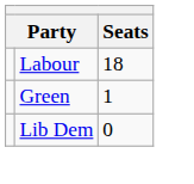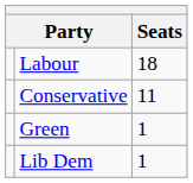 <table class="wikitable">
 <tr>
 <th colspan="3"></th>
 </tr>
 <tr>
 <th colspan="2">Party</th>
 <th>Seats</th>
 </tr>
 <tr>
 <td style="color:inherit;background:"></td>
 <td><a href='#'>Labour</a></td>
 <td>18</td>
 </tr>
 <tr>
 <td style="color:inherit;background:"></td>
+<td><a href='#'>Conservative</a></td>
+<td>11</td>
+</tr>
+<tr>
+<td style="color:inherit;background:"></td>
 <td><a href='#'>Green</a></td>
 <td>1</td>
 </tr>
 <tr>
 <td style="color:inherit;background:"></td>
 <td><a href='#'>Lib Dem</a></td>
-<td>0</td>
+<td>1</td>
 </tr>
 </table>
